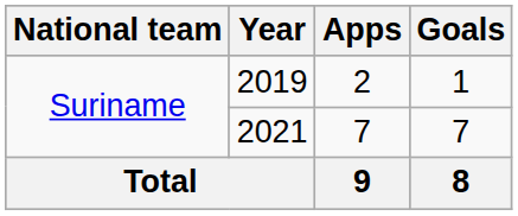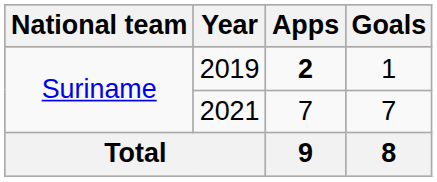 <table class="wikitable" style="text-align:center">
 <tr>
 <th>National team</th>
 <th>Year</th>
 <th>Apps</th>
 <th>Goals</th>
 </tr>
 <tr>
 <td rowspan="2"><a href='#'>Suriname</a></td>
 <td>2019</td>
-<td>2</td>
+<td><strong>2</strong></td>
 <td>1</td>
 </tr>
 <tr>
 <td>2021</td>
 <td>7</td>
 <td>7</td>
 </tr>
 <tr>
 <th colspan="2">Total</th>
 <th>9</th>
 <th>8</th>
 </tr>
 </table>
